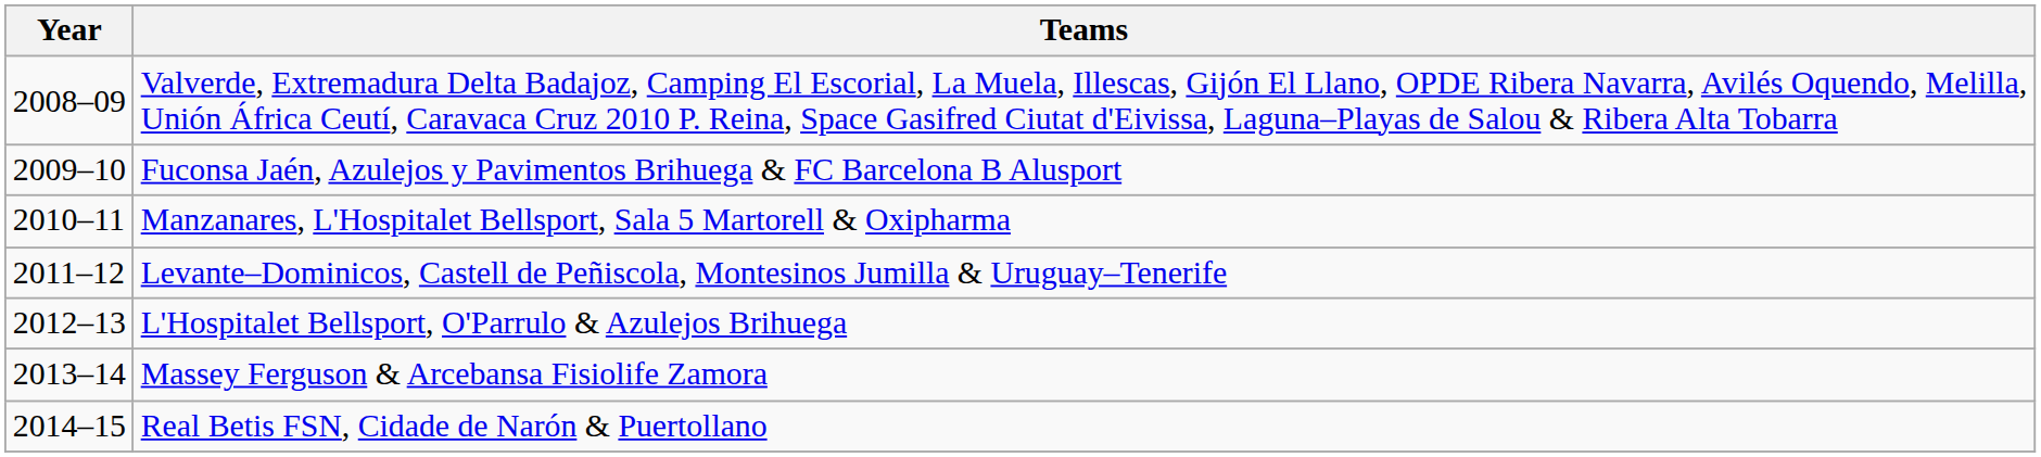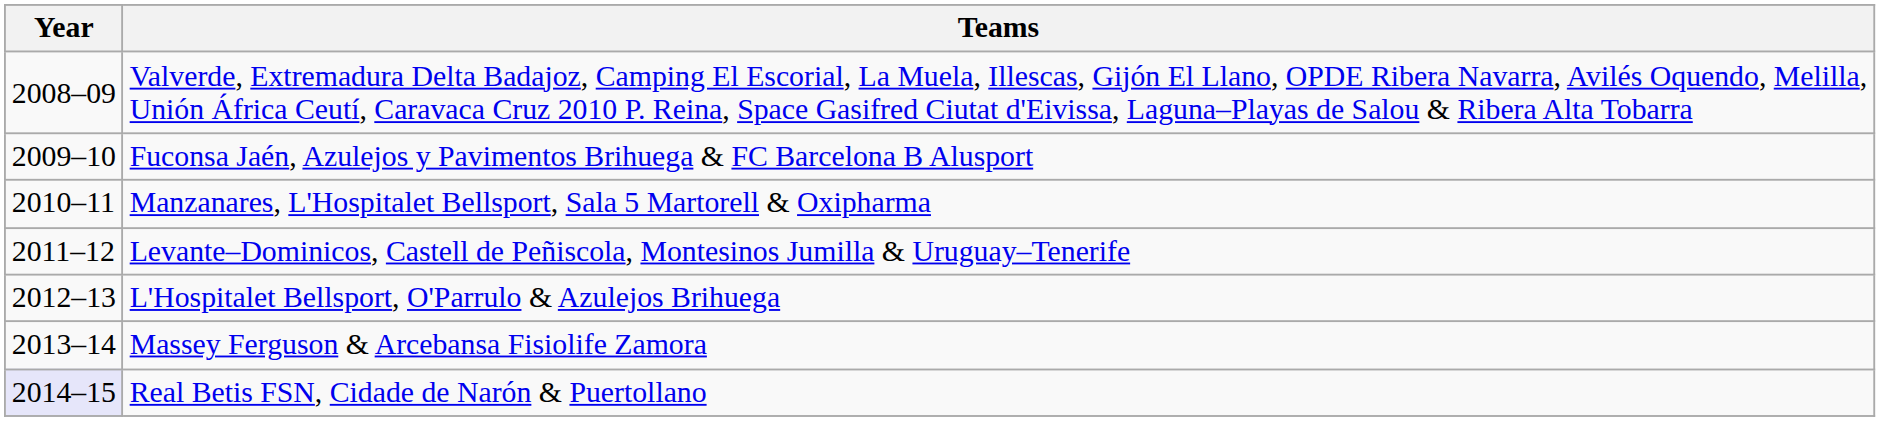 <table class="wikitable">
 <tr>
 <th>Year</th>
 <th>Teams</th>
 </tr>
 <tr>
 <td>2008–09</td>
 <td><a href='#'>Valverde</a>, <a href='#'>Extremadura Delta Badajoz</a>, <a href='#'>Camping El Escorial</a>, <a href='#'>La Muela</a>, <a href='#'>Illescas</a>, <a href='#'>Gijón El Llano</a>, <a href='#'>OPDE Ribera Navarra</a>, <a href='#'>Avilés Oquendo</a>, <a href='#'>Melilla</a>,<br> <a href='#'>Unión África Ceutí</a>, <a href='#'>Caravaca Cruz 2010 P. Reina</a>, <a href='#'>Space Gasifred Ciutat d'Eivissa</a>, <a href='#'>Laguna–Playas de Salou</a> & <a href='#'>Ribera Alta Tobarra</a></td>
 </tr>
 <tr>
 <td>2009–10</td>
 <td><a href='#'>Fuconsa Jaén</a>, <a href='#'>Azulejos y Pavimentos Brihuega</a> & <a href='#'>FC Barcelona B Alusport</a></td>
 </tr>
 <tr>
 <td>2010–11</td>
 <td><a href='#'>Manzanares</a>, <a href='#'>L'Hospitalet Bellsport</a>, <a href='#'>Sala 5 Martorell</a> & <a href='#'>Oxipharma</a></td>
 </tr>
 <tr>
 <td>2011–12</td>
 <td><a href='#'>Levante–Dominicos</a>, <a href='#'>Castell de Peñiscola</a>, <a href='#'>Montesinos Jumilla</a> & <a href='#'>Uruguay–Tenerife</a></td>
 </tr>
 <tr>
 <td>2012–13</td>
 <td><a href='#'>L'Hospitalet Bellsport</a>, <a href='#'>O'Parrulo</a> & <a href='#'>Azulejos Brihuega</a></td>
 </tr>
 <tr>
 <td>2013–14</td>
 <td><a href='#'>Massey Ferguson</a> & <a href='#'>Arcebansa Fisiolife Zamora</a></td>
 </tr>
 <tr>
-<td>2014–15</td>
+<td style="background: lavender;">2014–15</td>
 <td><a href='#'>Real Betis FSN</a>, <a href='#'>Cidade de Narón</a> & <a href='#'>Puertollano</a></td>
 </tr>
 </table>
